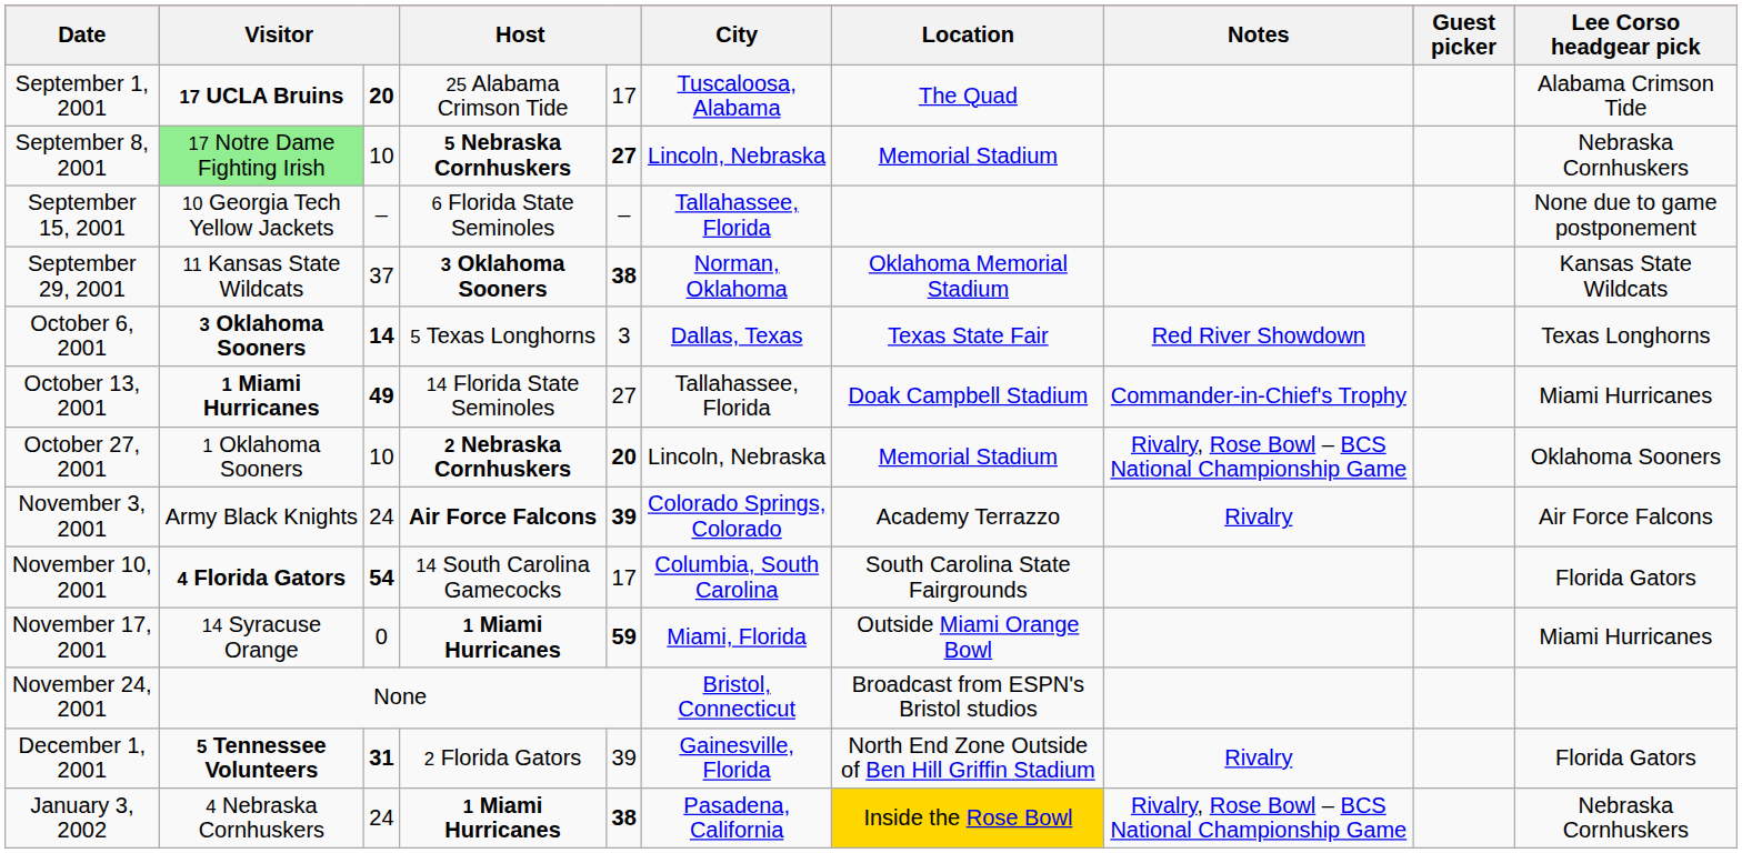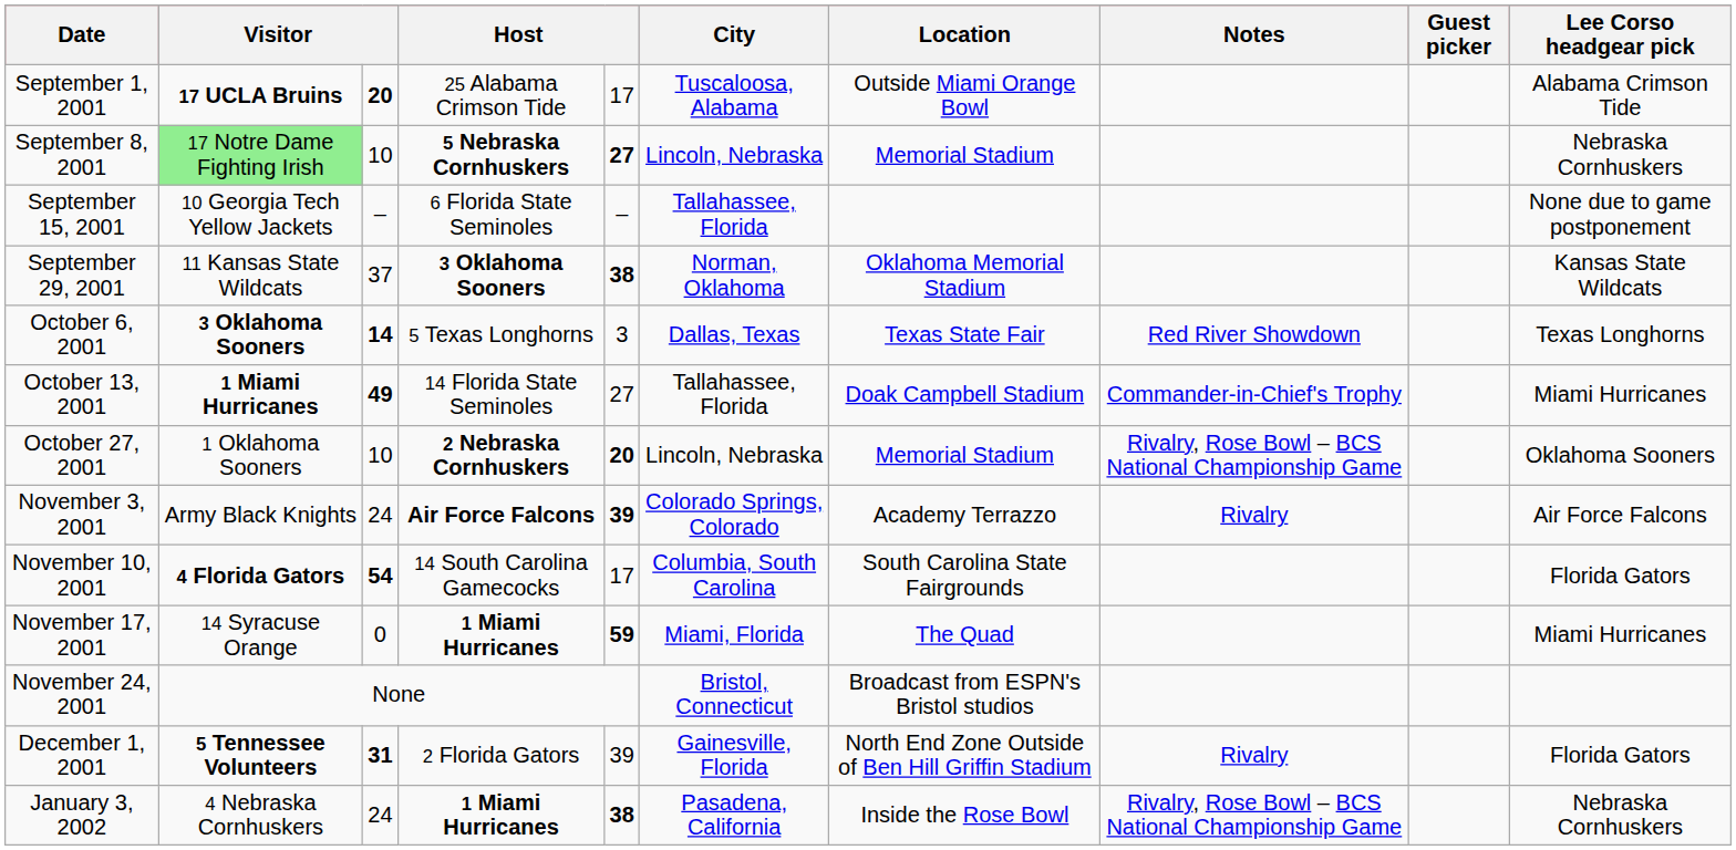 <table class="wikitable" style="text-align:center">
 <tr style="background:#A32638;"|>
 <th>Date</th>
 <th colspan=2>Visitor</th>
 <th colspan=2>Host</th>
 <th>City</th>
 <th>Location</th>
 <th>Notes</th>
 <th>Guest picker</th>
 <th>Lee Corso headgear pick</th>
 </tr>
 <tr>
 <td>September 1, 2001</td>
 <td><strong><small>17</small> UCLA Bruins</strong></td>
 <td><strong>20</strong></td>
 <td><small>25</small> Alabama Crimson Tide</td>
 <td>17</td>
 <td><a href='#'>Tuscaloosa, Alabama</a></td>
-<td><a href='#'>The Quad</a></td>
+<td>Outside <a href='#'>Miami Orange Bowl</a></td>
 <td></td>
 <td></td>
 <td>Alabama Crimson Tide</td>
 </tr>
 <tr>
 <td>September 8, 2001</td>
 <td style="background: lightgreen;"><small>17</small> Notre Dame Fighting Irish</td>
 <td>10</td>
 <td><strong><small>5</small> Nebraska Cornhuskers</strong></td>
 <td><strong>27</strong></td>
 <td><a href='#'>Lincoln, Nebraska</a></td>
 <td><a href='#'>Memorial Stadium</a></td>
 <td></td>
 <td></td>
 <td>Nebraska Cornhuskers</td>
 </tr>
 <tr>
 <td>September 15, 2001</td>
 <td><small>10</small> Georgia Tech Yellow Jackets</td>
 <td>–</td>
 <td><small>6</small> Florida State Seminoles</td>
 <td>–</td>
 <td><a href='#'>Tallahassee, Florida</a></td>
 <td></td>
 <td></td>
 <td></td>
 <td>None due to game postponement</td>
 </tr>
 <tr>
 <td>September 29, 2001</td>
 <td><small>11</small> Kansas State Wildcats</td>
 <td>37</td>
 <td><strong><small>3</small> Oklahoma Sooners</strong></td>
 <td><strong>38</strong></td>
 <td><a href='#'>Norman, Oklahoma</a></td>
 <td><a href='#'>Oklahoma Memorial Stadium</a></td>
 <td></td>
 <td></td>
 <td>Kansas State Wildcats</td>
 </tr>
 <tr>
 <td>October 6, 2001</td>
 <td><strong><small>3</small> Oklahoma Sooners</strong></td>
 <td><strong>14</strong></td>
 <td><small>5</small> Texas Longhorns</td>
 <td>3</td>
 <td><a href='#'>Dallas, Texas</a></td>
 <td><a href='#'>Texas State Fair</a></td>
 <td><a href='#'>Red River Showdown</a></td>
 <td></td>
 <td>Texas Longhorns</td>
 </tr>
 <tr>
 <td>October 13, 2001</td>
 <td><strong><small>1</small> Miami Hurricanes</strong></td>
 <td><strong>49</strong></td>
 <td><small>14</small> Florida State Seminoles</td>
 <td>27</td>
 <td>Tallahassee, Florida</td>
 <td><a href='#'>Doak Campbell Stadium</a></td>
 <td><a href='#'>Commander-in-Chief's Trophy</a></td>
 <td></td>
 <td>Miami Hurricanes</td>
 </tr>
 <tr>
 <td>October 27, 2001</td>
 <td><small>1</small> Oklahoma Sooners</td>
 <td>10</td>
 <td><strong><small>2</small> Nebraska Cornhuskers</strong></td>
 <td><strong>20</strong></td>
 <td>Lincoln, Nebraska</td>
 <td><a href='#'>Memorial Stadium</a></td>
 <td><a href='#'>Rivalry</a>, <a href='#'>Rose Bowl</a> – <a href='#'>BCS National Championship Game</a></td>
 <td></td>
 <td>Oklahoma Sooners</td>
 </tr>
 <tr>
 <td>November 3, 2001</td>
 <td>Army Black Knights</td>
 <td>24</td>
 <td><strong>Air Force Falcons</strong></td>
 <td><strong>39</strong></td>
 <td><a href='#'>Colorado Springs, Colorado</a></td>
 <td>Academy Terrazzo</td>
 <td><a href='#'>Rivalry</a></td>
 <td></td>
 <td>Air Force Falcons</td>
 </tr>
 <tr>
 <td>November 10, 2001</td>
 <td><strong><small>4</small> Florida Gators</strong></td>
 <td><strong>54</strong></td>
 <td><small>14</small> South Carolina Gamecocks</td>
 <td>17</td>
 <td><a href='#'>Columbia, South Carolina</a></td>
 <td>South Carolina State Fairgrounds</td>
 <td></td>
 <td></td>
 <td>Florida Gators</td>
 </tr>
 <tr>
 <td>November 17, 2001</td>
 <td><small>14</small> Syracuse Orange</td>
 <td>0</td>
 <td><strong><small>1</small> Miami Hurricanes</strong></td>
 <td><strong>59</strong></td>
 <td><a href='#'>Miami, Florida</a></td>
-<td>Outside <a href='#'>Miami Orange Bowl</a></td>
+<td><a href='#'>The Quad</a></td>
 <td></td>
 <td></td>
 <td>Miami Hurricanes</td>
 </tr>
 <tr>
 <td>November 24, 2001</td>
 <td colspan="4">None</td>
 <td><a href='#'>Bristol, Connecticut</a></td>
 <td>Broadcast from ESPN's Bristol studios</td>
 <td></td>
 <td></td>
 <td></td>
 </tr>
 <tr>
 <td>December 1, 2001</td>
 <td><strong><small>5</small> Tennessee Volunteers</strong></td>
 <td><strong>31</strong></td>
 <td><small>2</small> Florida Gators</td>
 <td>39</td>
 <td><a href='#'>Gainesville, Florida</a></td>
 <td>North End Zone Outside of <a href='#'>Ben Hill Griffin Stadium</a></td>
 <td><a href='#'>Rivalry</a></td>
 <td></td>
 <td>Florida Gators</td>
 </tr>
 <tr>
 <td>January 3, 2002</td>
 <td><small>4</small> Nebraska Cornhuskers</td>
 <td>24</td>
 <td><strong><small>1</small> Miami Hurricanes</strong></td>
 <td><strong>38</strong></td>
 <td><a href='#'>Pasadena, California</a></td>
-<td style="background: gold;">Inside the <a href='#'>Rose Bowl</a></td>
+<td>Inside the <a href='#'>Rose Bowl</a></td>
 <td><a href='#'>Rivalry</a>, <a href='#'>Rose Bowl</a> – <a href='#'>BCS National Championship Game</a></td>
 <td></td>
 <td>Nebraska Cornhuskers</td>
 </tr>
 </table>
